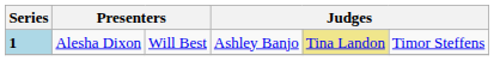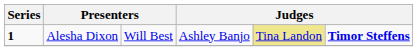 <table class="wikitable">
 <tr>
 <th>Series</th>
 <th colspan="2">Presenters</th>
 <th colspan="3">Judges</th>
 </tr>
 <tr>
-<td style="background: lightblue;"><strong>1</strong></td>
+<td><strong>1</strong></td>
 <td><a href='#'>Alesha Dixon</a></td>
 <td><a href='#'>Will Best</a></td>
 <td><a href='#'>Ashley Banjo</a></td>
 <td style="background: khaki;"><a href='#'>Tina Landon</a></td>
-<td><a href='#'>Timor Steffens</a></td>
+<td><strong><a href='#'>Timor Steffens</a></strong></td>
 </tr>
 <tr>
 </tr>
 </table>
